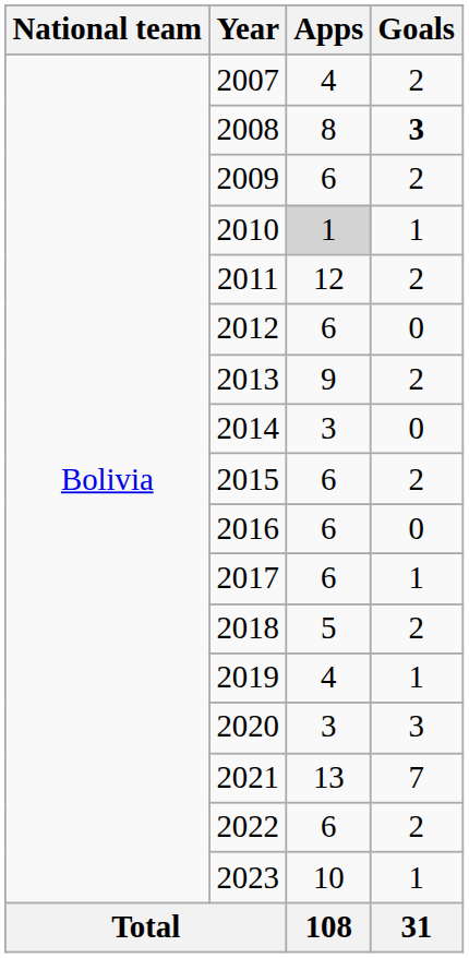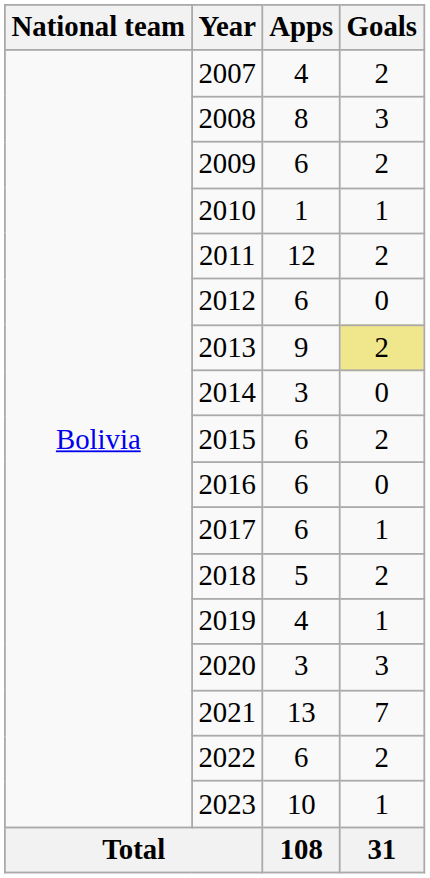 <table class="wikitable" style="text-align:center">
 <tr>
 <th>National team</th>
 <th>Year</th>
 <th>Apps</th>
 <th>Goals</th>
 </tr>
 <tr>
 <td rowspan="17"><a href='#'>Bolivia</a></td>
 <td>2007</td>
 <td>4</td>
 <td>2</td>
 </tr>
 <tr>
 <td>2008</td>
 <td>8</td>
-<td><strong>3</strong></td>
+<td>3</td>
 </tr>
 <tr>
 <td>2009</td>
 <td>6</td>
 <td>2</td>
 </tr>
 <tr>
 <td>2010</td>
-<td style="background: lightgrey;">1</td>
+<td>1</td>
 <td>1</td>
 </tr>
 <tr>
 <td>2011</td>
 <td>12</td>
 <td>2</td>
 </tr>
 <tr>
 <td>2012</td>
 <td>6</td>
 <td>0</td>
 </tr>
 <tr>
 <td>2013</td>
 <td>9</td>
-<td>2</td>
+<td style="background: khaki;">2</td>
 </tr>
 <tr>
 <td>2014</td>
 <td>3</td>
 <td>0</td>
 </tr>
 <tr>
 <td>2015</td>
 <td>6</td>
 <td>2</td>
 </tr>
 <tr>
 <td>2016</td>
 <td>6</td>
 <td>0</td>
 </tr>
 <tr>
 <td>2017</td>
 <td>6</td>
 <td>1</td>
 </tr>
 <tr>
 <td>2018</td>
 <td>5</td>
 <td>2</td>
 </tr>
 <tr>
 <td>2019</td>
 <td>4</td>
 <td>1</td>
 </tr>
 <tr>
 <td>2020</td>
 <td>3</td>
 <td>3</td>
 </tr>
 <tr>
 <td>2021</td>
 <td>13</td>
 <td>7</td>
 </tr>
 <tr>
 <td>2022</td>
 <td>6</td>
 <td>2</td>
 </tr>
 <tr>
 <td>2023</td>
 <td>10</td>
 <td>1</td>
 </tr>
 <tr>
 <th colspan="2">Total</th>
 <th>108</th>
 <th>31</th>
 </tr>
 </table>
